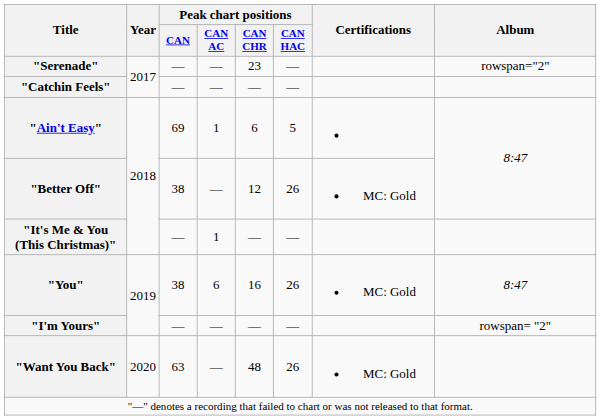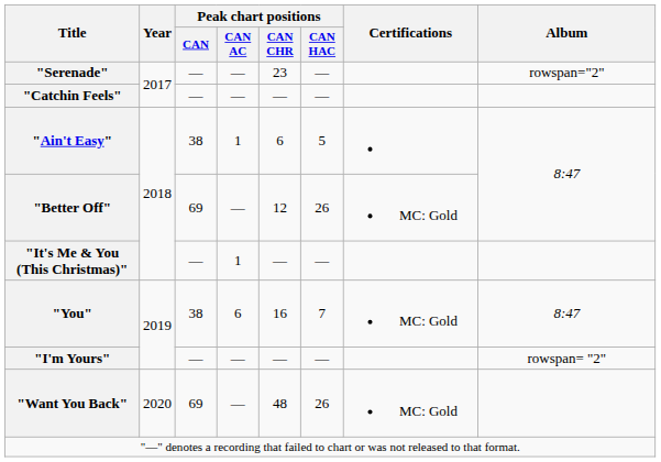 <table class="wikitable plainrowheaders" style="text-align:center;">
 <tr>
 <th rowspan="2" scope="col" style="width:9em;">Title</th>
 <th rowspan="2" scope="col" style="width:1em;">Year</th>
 <th colspan="4" scope="col">Peak chart positions</th>
 <th rowspan="2" scope="col" style="width:9em;">Certifications</th>
 <th rowspan="2" scope="col" style="width:12em;">Album</th>
 </tr>
 <tr>
 <th scope="col" style="width:3em;font-size:85%;"><a href='#'>CAN</a><br></th>
 <th scope="col" style="width:3em;font-size:85%;"><a href='#'>CAN AC</a><br></th>
 <th scope="col" style="width:3em;font-size:85%;"><a href='#'>CAN CHR</a><br></th>
 <th scope="col" style="width:3em;font-size:85%;"><a href='#'>CAN HAC</a><br></th>
 </tr>
 <tr>
 <th scope="row">"Serenade"</th>
 <td rowspan="2">2017</td>
 <td>—</td>
 <td>—</td>
 <td>23</td>
 <td>—</td>
 <td></td>
 <td>rowspan="2" </td>
 </tr>
 <tr>
 <th scope="row">"Catchin Feels"</th>
 <td>—</td>
 <td>—</td>
 <td>—</td>
 <td>—</td>
 <td></td>
 </tr>
 <tr>
 <th scope="row">"<a href='#'>Ain't Easy</a>"</th>
 <td rowspan="3">2018</td>
-<td>69</td>
+<td>38</td>
 <td>1</td>
 <td>6</td>
 <td>5</td>
 <td><br><ul><li></li></ul></td>
 <td rowspan="2"><em>8:47</em></td>
 </tr>
 <tr>
 <th scope="row">"Better Off"</th>
-<td>38</td>
+<td>69</td>
 <td>—</td>
 <td>12</td>
 <td>26</td>
 <td><br><ul><li>MC: Gold</li></ul></td>
 </tr>
 <tr>
 <th scope="row">"It's Me & You (This Christmas)"</th>
 <td>—</td>
 <td>1</td>
 <td>—</td>
 <td>—</td>
 <td></td>
 <td></td>
 </tr>
 <tr>
 <th scope="row">"You"</th>
 <td rowspan="2">2019</td>
 <td>38</td>
 <td>6</td>
 <td>16</td>
-<td>26</td>
+<td>7</td>
 <td><br><ul><li>MC: Gold</li></ul></td>
 <td><em>8:47</em></td>
 </tr>
 <tr>
 <th scope="row">"I'm Yours"</th>
 <td>—</td>
 <td>—</td>
 <td>—</td>
 <td>—</td>
 <td></td>
 <td>rowspan= "2" </td>
 </tr>
 <tr>
 <th scope="row">"Want You Back"</th>
 <td>2020</td>
-<td>63</td>
+<td>69</td>
 <td>—</td>
 <td>48</td>
 <td>26</td>
 <td><br><ul><li>MC: Gold</li></ul></td>
 </tr>
 <tr>
 <td colspan="8" style="font-size:85%;">"—" denotes a recording that failed to chart or was not released to that format.</td>
 </tr>
 </table>
